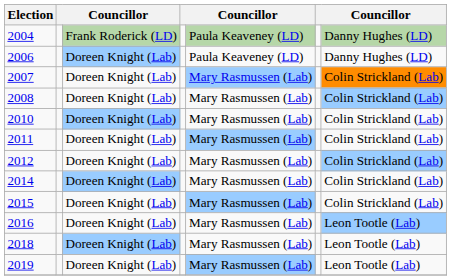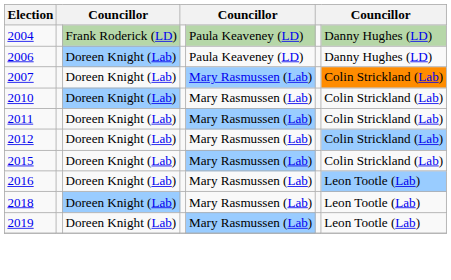 <table class="wikitable">
 <tr>
 <th>Election</th>
 <th colspan="2">Councillor</th>
 <th colspan="2">Councillor</th>
 <th colspan="2">Councillor</th>
 </tr>
 <tr>
 <td><a href='#'>2004</a></td>
 <td style="background-color: "></td>
 <td bgcolor="#B6D7A8">Frank Roderick (<a href='#'>LD</a>)</td>
 <td style="background-color: "></td>
 <td bgcolor="#B6D7A8">Paula Keaveney (<a href='#'>LD</a>)</td>
 <td style="background-color: "></td>
 <td bgcolor="#B6D7A8">Danny Hughes (<a href='#'>LD</a>)</td>
 </tr>
 <tr>
 <td><a href='#'>2006</a></td>
 <td style="background-color: "></td>
 <td bgcolor="#99CCFF">Doreen Knight (<a href='#'>Lab</a>)</td>
 <td style="background-color: "></td>
 <td>Paula Keaveney (<a href='#'>LD</a>)</td>
 <td style="background-color: "></td>
 <td>Danny Hughes (<a href='#'>LD</a>)</td>
 </tr>
 <tr>
 <td><a href='#'>2007</a></td>
 <td style="background-color: "></td>
 <td>Doreen Knight (<a href='#'>Lab</a>)</td>
 <td style="background-color: "></td>
 <td bgcolor="#99CCFF"><a href='#'>Mary Rasmussen</a> (<a href='#'>Lab</a>)</td>
 <td style="background-color: "></td>
 <td bgcolor="#FF8C00">Colin Strickland (<a href='#'>Lab</a>)</td>
 </tr>
 <tr>
-<td><a href='#'>2008</a></td>
-<td style="background-color: "></td>
-<td>Doreen Knight (<a href='#'>Lab</a>)</td>
-<td style="background-color: "></td>
-<td>Mary Rasmussen (<a href='#'>Lab</a>)</td>
-<td style="background-color: "></td>
-<td bgcolor="#99CCFF">Colin Strickland (<a href='#'>Lab</a>)</td>
-</tr>
-<tr>
 <td><a href='#'>2010</a></td>
 <td style="background-color: "></td>
 <td bgcolor="#99CCFF">Doreen Knight (<a href='#'>Lab</a>)</td>
 <td style="background-color: "></td>
 <td>Mary Rasmussen (<a href='#'>Lab</a>)</td>
 <td style="background-color: "></td>
 <td>Colin Strickland (<a href='#'>Lab</a>)</td>
 </tr>
 <tr>
 <td><a href='#'>2011</a></td>
 <td style="background-color: "></td>
 <td>Doreen Knight (<a href='#'>Lab</a>)</td>
 <td style="background-color: "></td>
 <td bgcolor="#99CCFF">Mary Rasmussen (<a href='#'>Lab</a>)</td>
 <td style="background-color: "></td>
 <td>Colin Strickland (<a href='#'>Lab</a>)</td>
 </tr>
 <tr>
 <td><a href='#'>2012</a></td>
 <td style="background-color: "></td>
 <td>Doreen Knight (<a href='#'>Lab</a>)</td>
 <td style="background-color: "></td>
 <td>Mary Rasmussen (<a href='#'>Lab</a>)</td>
 <td style="background-color: "></td>
 <td bgcolor="#99CCFF">Colin Strickland (<a href='#'>Lab</a>)</td>
-</tr>
-<tr>
-<td><a href='#'>2014</a></td>
-<td style="background-color: "></td>
-<td bgcolor="#99CCFF">Doreen Knight (<a href='#'>Lab</a>)</td>
-<td style="background-color: "></td>
-<td>Mary Rasmussen (<a href='#'>Lab</a>)</td>
-<td style="background-color: "></td>
-<td>Colin Strickland (<a href='#'>Lab</a>)</td>
 </tr>
 <tr>
 <td><a href='#'>2015</a></td>
 <td style="background-color: "></td>
 <td>Doreen Knight (<a href='#'>Lab</a>)</td>
 <td style="background-color: "></td>
 <td bgcolor="#99CCFF">Mary Rasmussen (<a href='#'>Lab</a>)</td>
 <td style="background-color: "></td>
 <td>Colin Strickland (<a href='#'>Lab</a>)</td>
 </tr>
 <tr>
 <td><a href='#'>2016</a></td>
 <td style="background-color: "></td>
 <td>Doreen Knight (<a href='#'>Lab</a>)</td>
 <td style="background-color: "></td>
 <td>Mary Rasmussen (<a href='#'>Lab</a>)</td>
 <td style="background-color: "></td>
 <td bgcolor="#99CCFF">Leon Tootle (<a href='#'>Lab</a>)</td>
 </tr>
 <tr>
 <td><a href='#'>2018</a></td>
 <td style="background-color: "></td>
 <td bgcolor="#99CCFF">Doreen Knight (<a href='#'>Lab</a>)</td>
 <td style="background-color: "></td>
 <td>Mary Rasmussen (<a href='#'>Lab</a>)</td>
 <td style="background-color: "></td>
 <td>Leon Tootle (<a href='#'>Lab</a>)</td>
 </tr>
 <tr>
 <td><a href='#'>2019</a></td>
 <td style="background-color: "></td>
 <td>Doreen Knight (<a href='#'>Lab</a>)</td>
 <td style="background-color: "></td>
 <td bgcolor="#99CCFF">Mary Rasmussen (<a href='#'>Lab</a>)</td>
 <td style="background-color: "></td>
 <td>Leon Tootle (<a href='#'>Lab</a>)</td>
 </tr>
 <tr>
 </tr>
 </table>
